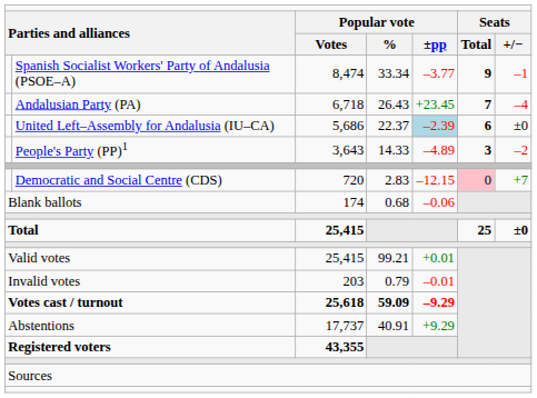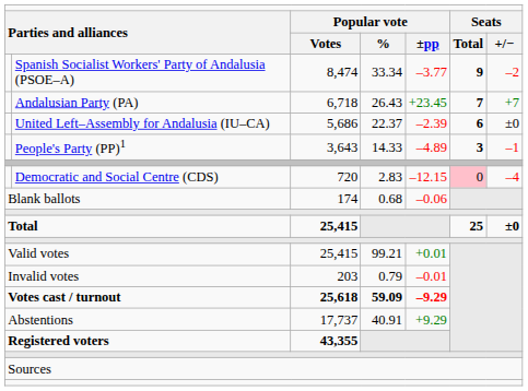 <table class="wikitable" style="text-align:right;">
 <tr>
 <td colspan="7"></td>
 </tr>
 <tr>
 <th style="text-align:left;" rowspan="2" colspan="2" width="525">Parties and alliances</th>
 <th colspan="3">Popular vote</th>
 <th colspan="2">Seats</th>
 </tr>
 <tr>
 <th width="75">Votes</th>
 <th width="45">%</th>
 <th width="45">±<a href='#'>pp</a></th>
 <th width="35">Total</th>
 <th width="35">+/−</th>
 </tr>
 <tr>
 <td width="1" style="color:inherit;background:"></td>
 <td align="left"><a href='#'>Spanish Socialist Workers' Party of Andalusia</a> (PSOE–A)</td>
 <td>8,474</td>
 <td>33.34</td>
 <td style="color:red;">–3.77</td>
 <td><strong>9</strong></td>
-<td style="color:red;">–1</td>
+<td style="color:red;">–2</td>
 </tr>
 <tr>
 <td style="color:inherit;background:"></td>
 <td align="left"><a href='#'>Andalusian Party</a> (PA)</td>
 <td>6,718</td>
 <td>26.43</td>
 <td style="color:green;">+23.45</td>
 <td><strong>7</strong></td>
-<td style="color:red;">–4</td>
+<td style="color:green;">+7</td>
 </tr>
 <tr>
 <td style="color:inherit;background:"></td>
 <td align="left"><a href='#'>United Left–Assembly for Andalusia</a> (IU–CA)</td>
 <td>5,686</td>
 <td>22.37</td>
-<td style="background: lightblue; color:red;">–2.39</td>
+<td style="color:red;">–2.39</td>
 <td><strong>6</strong></td>
 <td>±0</td>
 </tr>
 <tr>
 <td style="color:inherit;background:"></td>
 <td align="left"><a href='#'>People's Party</a> (PP)<sup>1</sup></td>
 <td>3,643</td>
 <td>14.33</td>
 <td style="color:red;">–4.89</td>
 <td><strong>3</strong></td>
-<td style="color:red;">–2</td>
+<td style="color:red;">–1</td>
 </tr>
 <tr>
 <td colspan="7" bgcolor="#C0C0C0"></td>
 </tr>
 <tr>
 <td style="color:inherit;background:"></td>
 <td align="left"><a href='#'>Democratic and Social Centre</a> (CDS)</td>
 <td>720</td>
 <td>2.83</td>
 <td style="color:red;">–12.15</td>
 <td style="background: pink;">0</td>
-<td style="color:green;">+7</td>
+<td style="color:red;">–4</td>
 </tr>
 <tr>
 <td align="left" colspan="2">Blank ballots</td>
 <td>174</td>
 <td>0.68</td>
 <td style="color:red;">–0.06</td>
 <td bgcolor="#E9E9E9" colspan="2"></td>
 </tr>
 <tr>
 <td colspan="7" bgcolor="#E9E9E9"></td>
 </tr>
 <tr style="font-weight:bold;">
 <td align="left" colspan="2">Total</td>
 <td>25,415</td>
 <td bgcolor="#E9E9E9" colspan="2"></td>
 <td>25</td>
 <td>±0</td>
 </tr>
 <tr>
 <td colspan="7" bgcolor="#E9E9E9"></td>
 </tr>
 <tr>
 <td align="left" colspan="2">Valid votes</td>
 <td>25,415</td>
 <td>99.21</td>
 <td style="color:green;">+0.01</td>
 <td bgcolor="#E9E9E9" colspan="2" rowspan="5"></td>
 </tr>
 <tr>
 <td align="left" colspan="2">Invalid votes</td>
 <td>203</td>
 <td>0.79</td>
 <td style="color:red;">–0.01</td>
 </tr>
 <tr style="font-weight:bold;">
 <td align="left" colspan="2">Votes cast / turnout</td>
 <td>25,618</td>
 <td>59.09</td>
 <td style="color:red;">–9.29</td>
 </tr>
 <tr>
 <td align="left" colspan="2">Abstentions</td>
 <td>17,737</td>
 <td>40.91</td>
 <td style="color:green;">+9.29</td>
 </tr>
 <tr style="font-weight:bold;">
 <td align="left" colspan="2">Registered voters</td>
 <td>43,355</td>
 <td bgcolor="#E9E9E9" colspan="2"></td>
 </tr>
 <tr>
 <td colspan="7" bgcolor="#E9E9E9"></td>
 </tr>
 <tr>
 <td align="left" colspan="7">Sources</td>
 </tr>
 <tr>
 <td colspan="7" style="text-align:left; max-width:790px;"></td>
 </tr>
 </table>
